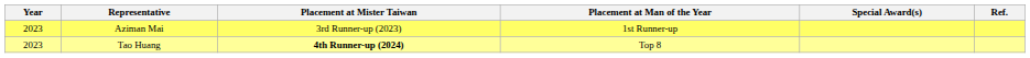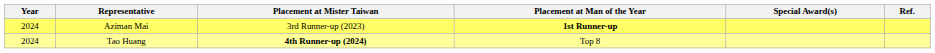 <table class="wikitable sortable" style="font-size: 85%;text-align:center" width="90%">
 <tr>
 <th>Year</th>
 <th>Representative</th>
 <th>Placement at Mister Taiwan</th>
 <th>Placement at Man of the Year</th>
 <th>Special Award(s)</th>
 <th>Ref.</th>
 </tr>
 <tr style="background-color:#FFFF66">
-<td>2023</td>
+<td>2024</td>
 <td nowrap>Aziman Mai</td>
 <td nowrap>3rd Runner-up (2023)</td>
-<td nowrap>1st Runner-up</td>
+<td nowrap><strong>1st Runner-up</strong></td>
 <td style="background:;"></td>
 <td></td>
 </tr>
 <tr style="background-color:#FFFF99;">
-<td>2023</td>
+<td>2024</td>
 <td>Tao Huang</td>
 <td><strong>4th Runner-up (2024)</strong></td>
 <td>Top 8</td>
 <td style="background:;"></td>
 <td></td>
 </tr>
 </table>
